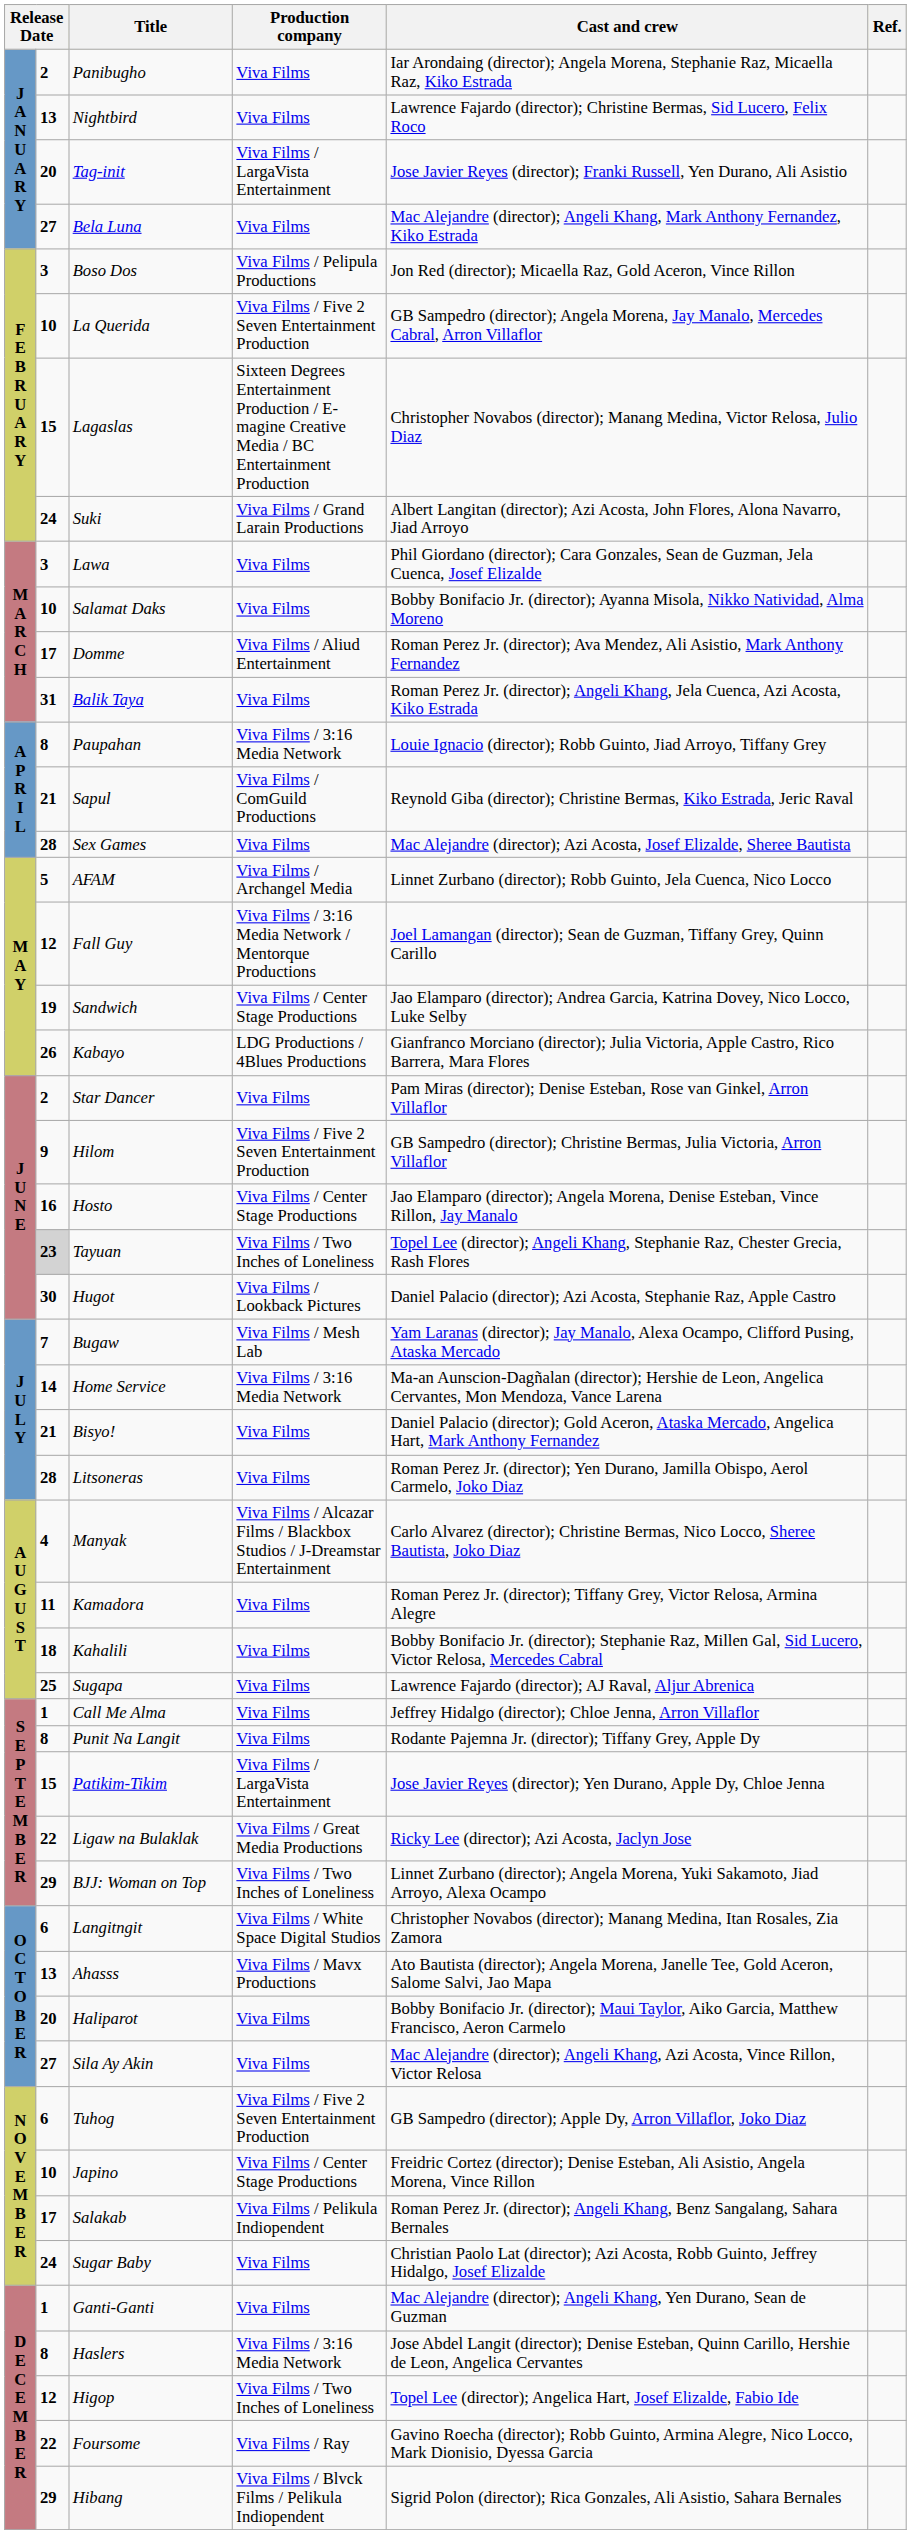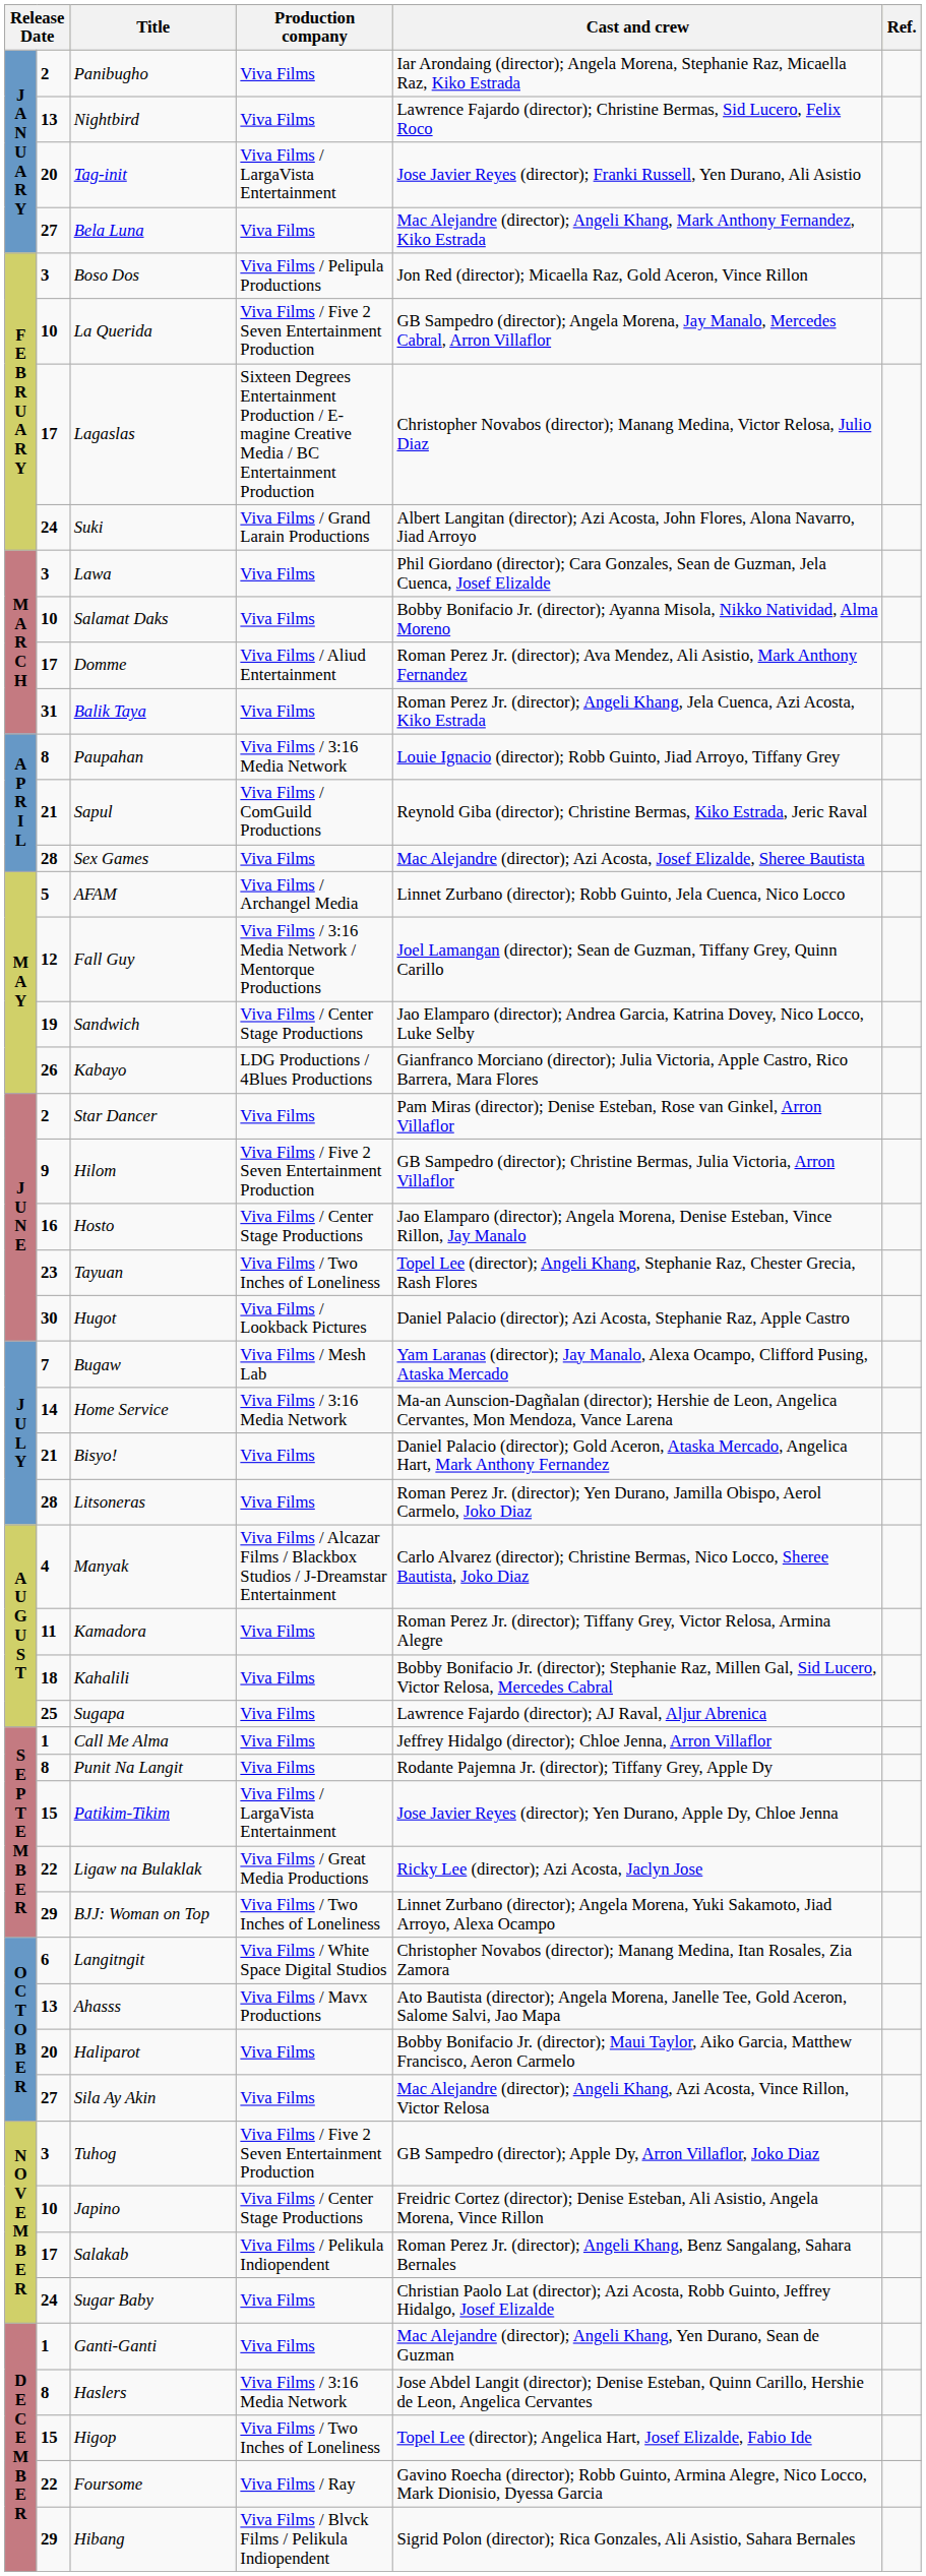 <table class="wikitable sortable">
 <tr style="background:#ffffba; text-align:center;">
 <th colspan="2" style="width:05%">Release Date</th>
 <th style="width:17%">Title</th>
 <th style="width:16%">Production company</th>
 <th style="width:50%">Cast and crew</th>
 <th style="width:02%">Ref.</th>
 </tr>
 <tr>
 <th rowspan="4" style="text-align:center; background:#6698c6">J<br>A<br>N<br>U<br>A<br>R<br>Y</th>
 <td><strong>2</strong></td>
 <td><em>Panibugho</em></td>
 <td><a href='#'>Viva Films</a></td>
 <td>Iar Arondaing (director); Angela Morena, Stephanie Raz, Micaella Raz, <a href='#'>Kiko Estrada</a></td>
 <td></td>
 </tr>
 <tr>
 <td><strong>13</strong></td>
 <td><em>Nightbird</em></td>
 <td><a href='#'>Viva Films</a></td>
 <td>Lawrence Fajardo (director); Christine Bermas, <a href='#'>Sid Lucero</a>, <a href='#'>Felix Roco</a></td>
 <td></td>
 </tr>
 <tr>
 <td><strong>20</strong></td>
 <td><em><a href='#'>Tag-init</a></em></td>
 <td><a href='#'>Viva Films</a> / LargaVista Entertainment</td>
 <td><a href='#'>Jose Javier Reyes</a> (director); <a href='#'>Franki Russell</a>, Yen Durano, Ali Asistio</td>
 <td></td>
 </tr>
 <tr>
 <td><strong>27</strong></td>
 <td><em><a href='#'>Bela Luna</a></em></td>
 <td><a href='#'>Viva Films</a></td>
 <td><a href='#'>Mac Alejandre</a> (director); <a href='#'>Angeli Khang</a>, <a href='#'>Mark Anthony Fernandez</a>, <a href='#'>Kiko Estrada</a></td>
 <td></td>
 </tr>
 <tr>
 <th rowspan="4" style="text-align:center; background:#d0d069">F<br>E<br>B<br>R<br>U<br>A<br>R<br>Y</th>
 <td><strong>3</strong></td>
 <td><em>Boso Dos</em></td>
 <td><a href='#'>Viva Films</a> / Pelipula Productions</td>
 <td>Jon Red (director); Micaella Raz, Gold Aceron, Vince Rillon</td>
 <td></td>
 </tr>
 <tr>
 <td><strong>10</strong></td>
 <td><em>La Querida</em></td>
 <td><a href='#'>Viva Films</a> / Five 2 Seven Entertainment Production</td>
 <td>GB Sampedro (director); Angela Morena, <a href='#'>Jay Manalo</a>, <a href='#'>Mercedes Cabral</a>, <a href='#'>Arron Villaflor</a></td>
 <td></td>
 </tr>
 <tr>
-<td><strong>15</strong></td>
+<td><strong>17</strong></td>
 <td><em>Lagaslas</em></td>
 <td>Sixteen Degrees Entertainment Production / E-magine Creative Media / BC Entertainment Production</td>
 <td>Christopher Novabos (director); Manang Medina, Victor Relosa, <a href='#'>Julio Diaz</a></td>
 <td></td>
 </tr>
 <tr>
 <td><strong>24</strong></td>
 <td><em>Suki</em></td>
 <td><a href='#'>Viva Films</a> / Grand Larain Productions</td>
 <td>Albert Langitan (director); Azi Acosta, John Flores, Alona Navarro, Jiad Arroyo</td>
 <td></td>
 </tr>
 <tr>
 <th rowspan="4" style="text-align:center; background:#c47a81">M<br>A<br>R<br>C<br>H</th>
 <td><strong>3</strong></td>
 <td><em>Lawa</em></td>
 <td><a href='#'>Viva Films</a></td>
 <td>Phil Giordano (director); Cara Gonzales, Sean de Guzman, Jela Cuenca, <a href='#'>Josef Elizalde</a></td>
 <td></td>
 </tr>
 <tr>
 <td><strong>10</strong></td>
 <td><em>Salamat Daks</em></td>
 <td><a href='#'>Viva Films</a></td>
 <td>Bobby Bonifacio Jr. (director); Ayanna Misola, <a href='#'>Nikko Natividad</a>, <a href='#'>Alma Moreno</a></td>
 <td></td>
 </tr>
 <tr>
 <td><strong>17</strong></td>
 <td><em>Domme</em></td>
 <td><a href='#'>Viva Films</a> / Aliud Entertainment</td>
 <td>Roman Perez Jr. (director); Ava Mendez, Ali Asistio, <a href='#'>Mark Anthony Fernandez</a></td>
 <td></td>
 </tr>
 <tr>
 <td><strong>31</strong></td>
 <td><em><a href='#'>Balik Taya</a></em></td>
 <td><a href='#'>Viva Films</a></td>
 <td>Roman Perez Jr. (director); <a href='#'>Angeli Khang</a>, Jela Cuenca, Azi Acosta, <a href='#'>Kiko Estrada</a></td>
 <td></td>
 </tr>
 <tr>
 <th rowspan="3" style="text-align:center; background:#6698c6">A<br>P<br>R<br>I<br>L</th>
 <td><strong>8</strong></td>
 <td><em>Paupahan</em></td>
 <td><a href='#'>Viva Films</a> / 3:16 Media Network</td>
 <td><a href='#'>Louie Ignacio</a> (director); Robb Guinto, Jiad Arroyo, Tiffany Grey</td>
 <td></td>
 </tr>
 <tr>
 <td><strong>21</strong></td>
 <td><em>Sapul</em></td>
 <td><a href='#'>Viva Films</a> / ComGuild Productions</td>
 <td>Reynold Giba (director); Christine Bermas, <a href='#'>Kiko Estrada</a>, Jeric Raval</td>
 <td></td>
 </tr>
 <tr>
 <td><strong>28</strong></td>
 <td><em>Sex Games</em></td>
 <td><a href='#'>Viva Films</a></td>
 <td><a href='#'>Mac Alejandre</a> (director); Azi Acosta, <a href='#'>Josef Elizalde</a>, <a href='#'>Sheree Bautista</a></td>
 <td></td>
 </tr>
 <tr>
 <th rowspan="4" style="text-align:center; background:#d0d069">M<br>A<br>Y</th>
 <td><strong>5</strong></td>
 <td><em>AFAM</em></td>
 <td><a href='#'>Viva Films</a> / Archangel Media</td>
 <td>Linnet Zurbano (director); Robb Guinto, Jela Cuenca, Nico Locco</td>
 <td></td>
 </tr>
 <tr>
 <td><strong>12</strong></td>
 <td><em>Fall Guy</em></td>
 <td><a href='#'>Viva Films</a> / 3:16 Media Network / Mentorque Productions</td>
 <td><a href='#'>Joel Lamangan</a> (director); Sean de Guzman, Tiffany Grey, Quinn Carillo</td>
 <td></td>
 </tr>
 <tr>
 <td><strong>19</strong></td>
 <td><em>Sandwich</em></td>
 <td><a href='#'>Viva Films</a> / Center Stage Productions</td>
 <td>Jao Elamparo (director); Andrea Garcia, Katrina Dovey, Nico Locco, Luke Selby</td>
 <td></td>
 </tr>
 <tr>
 <td><strong>26</strong></td>
 <td><em>Kabayo</em></td>
 <td>LDG Productions / 4Blues Productions</td>
 <td>Gianfranco Morciano (director); Julia Victoria, Apple Castro, Rico Barrera, Mara Flores</td>
 <td></td>
 </tr>
 <tr>
 <th rowspan="5" style="text-align:center; background:#c47a81">J<br>U<br>N<br>E</th>
 <td><strong>2</strong></td>
 <td><em>Star Dancer</em></td>
 <td><a href='#'>Viva Films</a></td>
 <td>Pam Miras (director); Denise Esteban, Rose van Ginkel, <a href='#'>Arron Villaflor</a></td>
 <td></td>
 </tr>
 <tr>
 <td><strong>9</strong></td>
 <td><em>Hilom</em></td>
 <td><a href='#'>Viva Films</a> / Five 2 Seven Entertainment Production</td>
 <td>GB Sampedro (director); Christine Bermas, Julia Victoria, <a href='#'>Arron Villaflor</a></td>
 <td></td>
 </tr>
 <tr>
 <td><strong>16</strong></td>
 <td><em>Hosto</em></td>
 <td><a href='#'>Viva Films</a> / Center Stage Productions</td>
 <td>Jao Elamparo (director); Angela Morena, Denise Esteban, Vince Rillon, <a href='#'>Jay Manalo</a></td>
 <td></td>
 </tr>
 <tr>
-<td style="background: lightgrey;"><strong>23</strong></td>
+<td><strong>23</strong></td>
 <td><em>Tayuan</em></td>
 <td><a href='#'>Viva Films</a> / Two Inches of Loneliness</td>
 <td><a href='#'>Topel Lee</a> (director); <a href='#'>Angeli Khang</a>, Stephanie Raz, Chester Grecia, Rash Flores</td>
 <td></td>
 </tr>
 <tr>
 <td><strong>30</strong></td>
 <td><em>Hugot</em></td>
 <td><a href='#'>Viva Films</a> / Lookback Pictures</td>
 <td>Daniel Palacio (director); Azi Acosta, Stephanie Raz, Apple Castro</td>
 <td></td>
 </tr>
 <tr>
 <td rowspan="4" style="text-align:center; background:#6698c6"><strong>J<br>U<br>L<br>Y</strong></td>
 <td><strong>7</strong></td>
 <td><em>Bugaw</em></td>
 <td><a href='#'>Viva Films</a> / Mesh Lab</td>
 <td><a href='#'>Yam Laranas</a> (director); <a href='#'>Jay Manalo</a>, Alexa Ocampo, Clifford Pusing, <a href='#'>Ataska Mercado</a></td>
 <td></td>
 </tr>
 <tr>
 <td><strong>14</strong></td>
 <td><em>Home Service</em></td>
 <td><a href='#'>Viva Films</a> / 3:16 Media Network</td>
 <td>Ma-an Aunscion-Dagñalan (director);  Hershie de Leon, Angelica Cervantes, Mon Mendoza, Vance Larena</td>
 <td></td>
 </tr>
 <tr>
 <td><strong>21</strong></td>
 <td><em>Bisyo!</em></td>
 <td><a href='#'>Viva Films</a></td>
 <td>Daniel Palacio (director); Gold Aceron, <a href='#'>Ataska Mercado</a>, Angelica Hart, <a href='#'>Mark Anthony Fernandez</a></td>
 <td></td>
 </tr>
 <tr>
 <td><strong>28</strong></td>
 <td><em>Litsoneras</em></td>
 <td><a href='#'>Viva Films</a></td>
 <td>Roman Perez Jr. (director); Yen Durano, Jamilla Obispo, Aerol Carmelo, <a href='#'>Joko Diaz</a></td>
 <td></td>
 </tr>
 <tr>
 <td rowspan="4" style="text-align:center; background:#d0d069"><strong>A<br>U<br>G<br>U<br>S<br>T</strong></td>
 <td><strong>4</strong></td>
 <td><em>Manyak</em></td>
 <td><a href='#'>Viva Films</a> / Alcazar Films / Blackbox Studios / J-Dreamstar Entertainment</td>
 <td>Carlo Alvarez (director); Christine Bermas, Nico Locco, <a href='#'>Sheree Bautista</a>, <a href='#'>Joko Diaz</a></td>
 <td></td>
 </tr>
 <tr>
 <td><strong>11</strong></td>
 <td><em>Kamadora</em></td>
 <td><a href='#'>Viva Films</a></td>
 <td>Roman Perez Jr. (director); Tiffany Grey, Victor Relosa, Armina Alegre</td>
 <td></td>
 </tr>
 <tr>
 <td><strong>18</strong></td>
 <td><em>Kahalili</em></td>
 <td><a href='#'>Viva Films</a></td>
 <td>Bobby Bonifacio Jr. (director); Stephanie Raz, Millen Gal, <a href='#'>Sid Lucero</a>, Victor Relosa, <a href='#'>Mercedes Cabral</a></td>
 <td></td>
 </tr>
 <tr>
 <td><strong>25</strong></td>
 <td><em>Sugapa</em></td>
 <td><a href='#'>Viva Films</a></td>
 <td>Lawrence Fajardo (director); AJ Raval, <a href='#'>Aljur Abrenica</a></td>
 <td></td>
 </tr>
 <tr>
 <td rowspan="5" style="text-align:center; background:#c47a81"><strong>S<br>E<br>P<br>T<br>E<br>M<br>B<br>E<br>R</strong></td>
 <td><strong>1</strong></td>
 <td><em>Call Me Alma</em></td>
 <td><a href='#'>Viva Films</a></td>
 <td>Jeffrey Hidalgo (director); Chloe Jenna, <a href='#'>Arron Villaflor</a></td>
 <td></td>
 </tr>
 <tr>
 <td><strong>8</strong></td>
 <td><em>Punit Na Langit</em></td>
 <td><a href='#'>Viva Films</a></td>
 <td>Rodante Pajemna Jr. (director); Tiffany Grey, Apple Dy</td>
 <td></td>
 </tr>
 <tr>
 <td><strong>15</strong></td>
 <td><em><a href='#'>Patikim-Tikim</a></em></td>
 <td><a href='#'>Viva Films</a> / LargaVista Entertainment</td>
 <td><a href='#'>Jose Javier Reyes</a> (director); Yen Durano, Apple Dy, Chloe Jenna</td>
 <td></td>
 </tr>
 <tr>
 <td><strong>22</strong></td>
 <td><em>Ligaw na Bulaklak</em></td>
 <td><a href='#'>Viva Films</a> / Great Media Productions</td>
 <td><a href='#'>Ricky Lee</a> (director); Azi Acosta, <a href='#'>Jaclyn Jose</a></td>
 <td></td>
 </tr>
 <tr>
 <td><strong>29</strong></td>
 <td><em>BJJ: Woman on Top</em></td>
 <td><a href='#'>Viva Films</a> / Two Inches of Loneliness</td>
 <td>Linnet Zurbano (director); Angela Morena, Yuki Sakamoto, Jiad Arroyo, Alexa Ocampo</td>
 <td></td>
 </tr>
 <tr>
 <th rowspan="4" style="text-align:center; background:#6698c6">O<br>C<br>T<br>O<br>B<br>E<br>R</th>
 <td><strong>6</strong></td>
 <td><em>Langitngit</em></td>
 <td><a href='#'>Viva Films</a> / White Space Digital Studios</td>
 <td>Christopher Novabos (director); Manang Medina, Itan Rosales, Zia Zamora</td>
 <td></td>
 </tr>
 <tr>
 <td><strong>13</strong></td>
 <td><em>Ahasss</em></td>
 <td><a href='#'>Viva Films</a> / Mavx Productions</td>
 <td>Ato Bautista (director); Angela Morena, Janelle Tee, Gold Aceron, Salome Salvi, Jao Mapa</td>
 <td></td>
 </tr>
 <tr>
 <td><strong>20</strong></td>
 <td><em>Haliparot</em></td>
 <td><a href='#'>Viva Films</a></td>
 <td>Bobby Bonifacio Jr. (director); <a href='#'>Maui Taylor</a>, Aiko Garcia, Matthew Francisco, Aeron Carmelo</td>
 <td></td>
 </tr>
 <tr>
 <td><strong>27</strong></td>
 <td><em>Sila Ay Akin</em></td>
 <td><a href='#'>Viva Films</a></td>
 <td><a href='#'>Mac Alejandre</a> (director); <a href='#'>Angeli Khang</a>, Azi Acosta, Vince Rillon, Victor Relosa</td>
 <td></td>
 </tr>
 <tr>
 <th rowspan="4" style="text-align:center; background:#d0d069 ">N<br>O<br>V<br>E<br>M<br>B<br>E<br>R</th>
-<td><strong>6</strong></td>
+<td><strong>3</strong></td>
 <td><em>Tuhog</em></td>
 <td><a href='#'>Viva Films</a> / Five 2 Seven Entertainment Production</td>
 <td>GB Sampedro (director); Apple Dy, <a href='#'>Arron Villaflor</a>, <a href='#'>Joko Diaz</a></td>
 <td></td>
 </tr>
 <tr>
 <td><strong>10</strong></td>
 <td><em>Japino</em></td>
 <td><a href='#'>Viva Films</a> / Center Stage Productions</td>
 <td>Freidric Cortez (director); Denise Esteban, Ali Asistio, Angela Morena, Vince Rillon</td>
 <td></td>
 </tr>
 <tr>
 <td><strong>17</strong></td>
 <td><em>Salakab</em></td>
 <td><a href='#'>Viva Films</a> / Pelikula Indiopendent</td>
 <td>Roman Perez Jr. (director); <a href='#'>Angeli Khang</a>, Benz Sangalang, Sahara Bernales</td>
 <td></td>
 </tr>
 <tr>
 <td><strong>24</strong></td>
 <td><em>Sugar Baby</em></td>
 <td><a href='#'>Viva Films</a></td>
 <td>Christian Paolo Lat (director); Azi Acosta, Robb Guinto, Jeffrey Hidalgo, <a href='#'>Josef Elizalde</a></td>
 <td></td>
 </tr>
 <tr>
 <th rowspan="5" style="text-align:center; background:#c47a81">D<br>E<br>C<br>E<br>M<br>B<br>E<br>R</th>
 <td><strong>1</strong></td>
 <td><em>Ganti-Ganti</em></td>
 <td><a href='#'>Viva Films</a></td>
 <td><a href='#'>Mac Alejandre</a> (director); <a href='#'>Angeli Khang</a>, Yen Durano, Sean de Guzman</td>
 <td></td>
 </tr>
 <tr>
 <td><strong>8</strong></td>
 <td><em>Haslers</em></td>
 <td><a href='#'>Viva Films</a> / 3:16 Media Network</td>
 <td>Jose Abdel Langit (director); Denise Esteban, Quinn Carillo, Hershie de Leon, Angelica Cervantes</td>
 <td></td>
 </tr>
 <tr>
-<td><strong>12</strong></td>
+<td><strong>15</strong></td>
 <td><em>Higop</em></td>
 <td><a href='#'>Viva Films</a> / Two Inches of Loneliness</td>
 <td><a href='#'>Topel Lee</a> (director); Angelica Hart, <a href='#'>Josef Elizalde</a>, <a href='#'>Fabio Ide</a></td>
 <td></td>
 </tr>
 <tr>
 <td><strong>22</strong></td>
 <td><em>Foursome</em></td>
 <td><a href='#'>Viva Films</a> / Ray</td>
 <td>Gavino Roecha (director); Robb Guinto, Armina Alegre, Nico Locco, Mark Dionisio, Dyessa Garcia</td>
 <td></td>
 </tr>
 <tr>
 <td><strong>29</strong></td>
 <td><em>Hibang</em></td>
 <td><a href='#'>Viva Films</a> / Blvck Films / Pelikula Indiopendent</td>
 <td>Sigrid Polon (director); Rica Gonzales, Ali Asistio, Sahara Bernales</td>
 <td></td>
 </tr>
 </table>
